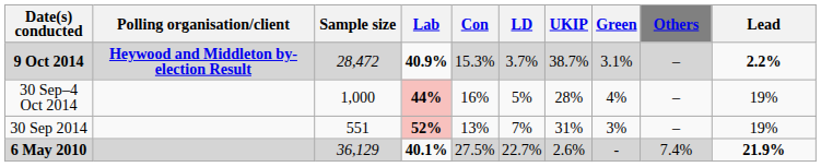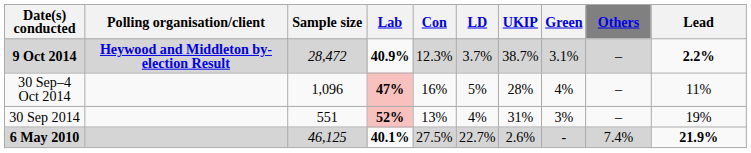 <table class="wikitable sortable" style="text-align:center;font-size:90%;line-height:14px">
 <tr>
 <th ! style="width:75px;">Date(s)<br>conducted</th>
 <th style="width:200px;">Polling organisation/client</th>
 <th class="unsortable" style="width:75px;">Sample size</th>
 <th class="unsortable" style="background:"><a href='#'><span>Lab</span></a></th>
 <th class="unsortable" style="background:"><a href='#'><span>Con</span></a></th>
 <th class="unsortable" style="background:"><a href='#'><span>LD</span></a></th>
 <th class="unsortable" style="background:"><a href='#'><span>UKIP</span></a></th>
 <th class="unsortable" style="background:"><a href='#'><span>Green</span></a></th>
 <th class="unsortable" style="background:gray; width:60px;"><a href='#'><span>Others</span></a></th>
 <th class="unsortable" style="width:90px;">Lead</th>
 </tr>
 <tr>
 <td style="background:#D5D5D5"><strong>9 Oct 2014</strong></td>
 <td style="background:#D5D5D5"><strong><a href='#'>Heywood and Middleton by-election Result</a></strong></td>
 <td style="background:#D5D5D5"><em>28,472</em></td>
 <td style="background:"><strong>40.9%</strong></td>
-<td style="background:#D5D5D5">15.3%</td>
+<td style="background:#D5D5D5">12.3%</td>
 <td style="background:#D5D5D5">3.7%</td>
 <td style="background:#D5D5D5">38.7%</td>
 <td style="background:#D5D5D5">3.1%</td>
 <td style="background:#D5D5D5">–</td>
 <td style="background:"><strong>2.2% </strong></td>
 </tr>
 <tr>
 <td>30 Sep–4 Oct 2014</td>
 <td></td>
-<td>1,000</td>
-<td style="background:#F8C1BE"><strong>44%</strong></td>
+<td>1,096</td>
+<td style="background:#F8C1BE"><strong>47%</strong></td>
 <td>16%</td>
 <td>5%</td>
 <td>28%</td>
 <td>4%</td>
 <td>–</td>
-<td style="background:">19%</td>
+<td style="background:">11%</td>
 </tr>
 <tr>
 <td>30 Sep 2014</td>
 <td></td>
 <td>551</td>
 <td style="background:#F8C1BE"><strong>52%</strong></td>
 <td>13%</td>
-<td>7%</td>
+<td>4%</td>
 <td>31%</td>
 <td>3%</td>
 <td>–</td>
 <td style="background:">19%</td>
 </tr>
 <tr>
 <td style="background:#D5D5D5"><strong>6 May 2010</strong></td>
 <td style="background:#D5D5D5"></td>
-<td style="background:#D5D5D5"><em>36,129</em></td>
+<td style="background:#D5D5D5"><em>46,125</em></td>
 <td style="background:"><strong>40.1%</strong></td>
 <td style="background:#D5D5D5">27.5%</td>
 <td style="background:#D5D5D5">22.7%</td>
 <td style="background:#D5D5D5">2.6%</td>
 <td style="background:#D5D5D5">-</td>
 <td style="background:#D5D5D5">7.4%</td>
 <td style="background:"><strong>21.9% </strong></td>
 </tr>
 </table>
